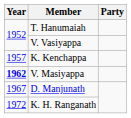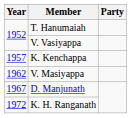 <table class="wikitable">
 <tr>
 <th>Year</th>
 <th>Member</th>
 <th colspan="2">Party</th>
 </tr>
 <tr>
 <td rowspan="2"><a href='#'>1952</a></td>
 <td>T. Hanumaiah</td>
 <td></td>
 </tr>
 <tr>
 <td>V. Vasiyappa</td>
 </tr>
 <tr>
 <td><a href='#'>1957</a></td>
 <td>K. Kenchappa</td>
 <td></td>
 </tr>
 <tr>
-<td><strong><a href='#'>1962</a></strong></td>
+<td><a href='#'>1962</a></td>
 <td>V. Masiyappa</td>
 <td></td>
 </tr>
 <tr>
 <td><a href='#'>1967</a></td>
 <td><a href='#'>D. Manjunath</a></td>
 </tr>
 <tr>
 <td><a href='#'>1972</a></td>
 <td>K. H. Ranganath</td>
 </tr>
 </table>
